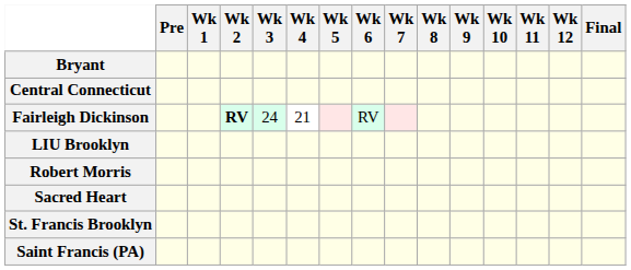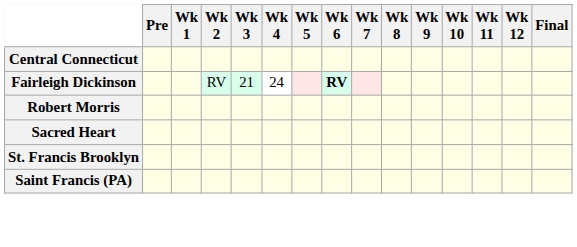 <table class="wikitable" style="white-space:nowrap;font-size:90%;">
 <tr>
 <th style="background:white; border-top-style:hidden; border-left-style:hidden;"> </th>
 <th>Pre</th>
 <th>Wk<br>1</th>
 <th>Wk<br>2</th>
 <th>Wk<br>3</th>
 <th>Wk<br>4</th>
 <th>Wk<br>5</th>
 <th>Wk<br>6</th>
 <th>Wk<br>7</th>
 <th>Wk<br>8</th>
 <th>Wk<br>9</th>
 <th>Wk<br>10</th>
 <th>Wk<br>11</th>
 <th>Wk<br>12</th>
 <th>Final</th>
-</tr>
-<tr style="text-align:center;">
-<th style="background:#">Bryant</th>
-<td style="background:#FFFFE6;"></td>
-<td style="background:#FFFFE6;"></td>
-<td style="background:#FFFFE6;"></td>
-<td style="background:#FFFFE6;"></td>
-<td style="background:#FFFFE6;"></td>
-<td style="background:#FFFFE6;"></td>
-<td style="background:#FFFFE6;"></td>
-<td style="background:#FFFFE6;"></td>
-<td style="background:#FFFFE6;"></td>
-<td style="background:#FFFFE6;"></td>
-<td style="background:#FFFFE6;"></td>
-<td style="background:#FFFFE6;"></td>
-<td style="background:#FFFFE6;"></td>
-<td style="background:#FFFFE6;"></td>
 </tr>
 <tr style="text-align:center;">
 <th style="background:#">Central Connecticut</th>
 <td style="background:#FFFFE6;"></td>
 <td style="background:#FFFFE6;"></td>
 <td style="background:#FFFFE6;"></td>
 <td style="background:#FFFFE6;"></td>
 <td style="background:#FFFFE6;"></td>
 <td style="background:#FFFFE6;"></td>
 <td style="background:#FFFFE6;"></td>
 <td style="background:#FFFFE6;"></td>
 <td style="background:#FFFFE6;"></td>
 <td style="background:#FFFFE6;"></td>
 <td style="background:#FFFFE6;"></td>
 <td style="background:#FFFFE6;"></td>
 <td style="background:#FFFFE6;"></td>
 <td style="background:#FFFFE6;"></td>
 </tr>
 <tr style="text-align:center;">
 <th style="background:#">Fairleigh Dickinson</th>
 <td style="background:#FFFFE6;"></td>
 <td style="background:#FFFFE6;"></td>
+<td style="background:#D8FFEB;">RV</td>
+<td style="background:#D8FFEB;">21</td>
+<td style="background:#FFF;">24</td>
+<td style="background:#FFE6E6;"></td>
 <td style="background:#D8FFEB;"><strong>RV</strong></td>
-<td style="background:#D8FFEB;">24</td>
-<td style="background:#FFF;">21</td>
 <td style="background:#FFE6E6;"></td>
-<td style="background:#D8FFEB;">RV</td>
-<td style="background:#FFE6E6;"></td>
-<td style="background:#FFFFE6;"></td>
-<td style="background:#FFFFE6;"></td>
-<td style="background:#FFFFE6;"></td>
-<td style="background:#FFFFE6;"></td>
-<td style="background:#FFFFE6;"></td>
-<td style="background:#FFFFE6;"></td>
-</tr>
-<tr style="text-align:center;">
-<th style="background:#">LIU Brooklyn</th>
-<td style="background:#FFFFE6;"></td>
-<td style="background:#FFFFE6;"></td>
-<td style="background:#FFFFE6;"></td>
-<td style="background:#FFFFE6;"></td>
-<td style="background:#FFFFE6;"></td>
-<td style="background:#FFFFE6;"></td>
-<td style="background:#FFFFE6;"></td>
-<td style="background:#FFFFE6;"></td>
 <td style="background:#FFFFE6;"></td>
 <td style="background:#FFFFE6;"></td>
 <td style="background:#FFFFE6;"></td>
 <td style="background:#FFFFE6;"></td>
 <td style="background:#FFFFE6;"></td>
 <td style="background:#FFFFE6;"></td>
 </tr>
 <tr style="text-align:center;">
 <th style="background:#">Robert Morris</th>
 <td style="background:#FFFFE6;"></td>
 <td style="background:#FFFFE6;"></td>
 <td style="background:#FFFFE6;"></td>
 <td style="background:#FFFFE6;"></td>
 <td style="background:#FFFFE6;"></td>
 <td style="background:#FFFFE6;"></td>
 <td style="background:#FFFFE6;"></td>
 <td style="background:#FFFFE6;"></td>
 <td style="background:#FFFFE6;"></td>
 <td style="background:#FFFFE6;"></td>
 <td style="background:#FFFFE6;"></td>
 <td style="background:#FFFFE6;"></td>
 <td style="background:#FFFFE6;"></td>
 <td style="background:#FFFFE6;"></td>
 </tr>
 <tr style="text-align:center;">
 <th style="background:#">Sacred Heart</th>
 <td style="background:#FFFFE6;"></td>
 <td style="background:#FFFFE6;"></td>
 <td style="background:#FFFFE6;"></td>
 <td style="background:#FFFFE6;"></td>
 <td style="background:#FFFFE6;"></td>
 <td style="background:#FFFFE6;"></td>
 <td style="background:#FFFFE6;"></td>
 <td style="background:#FFFFE6;"></td>
 <td style="background:#FFFFE6;"></td>
 <td style="background:#FFFFE6;"></td>
 <td style="background:#FFFFE6;"></td>
 <td style="background:#FFFFE6;"></td>
 <td style="background:#FFFFE6;"></td>
 <td style="background:#FFFFE6;"></td>
 </tr>
 <tr style="text-align:center;">
 <th style="background:#">St. Francis Brooklyn</th>
 <td style="background:#FFFFE6;"></td>
 <td style="background:#FFFFE6;"></td>
 <td style="background:#FFFFE6;"></td>
 <td style="background:#FFFFE6;"></td>
 <td style="background:#FFFFE6;"></td>
 <td style="background:#FFFFE6;"></td>
 <td style="background:#FFFFE6;"></td>
 <td style="background:#FFFFE6;"></td>
 <td style="background:#FFFFE6;"></td>
 <td style="background:#FFFFE6;"></td>
 <td style="background:#FFFFE6;"></td>
 <td style="background:#FFFFE6;"></td>
 <td style="background:#FFFFE6;"></td>
 <td style="background:#FFFFE6;"></td>
 </tr>
 <tr style="text-align:center;">
 <th style="background:#">Saint Francis (PA)</th>
 <td style="background:#FFFFE6;"></td>
 <td style="background:#FFFFE6;"></td>
 <td style="background:#FFFFE6;"></td>
 <td style="background:#FFFFE6;"></td>
 <td style="background:#FFFFE6;"></td>
 <td style="background:#FFFFE6;"></td>
 <td style="background:#FFFFE6;"></td>
 <td style="background:#FFFFE6;"></td>
 <td style="background:#FFFFE6;"></td>
 <td style="background:#FFFFE6;"></td>
 <td style="background:#FFFFE6;"></td>
 <td style="background:#FFFFE6;"></td>
 <td style="background:#FFFFE6;"></td>
 <td style="background:#FFFFE6;"></td>
 </tr>
 </table>
